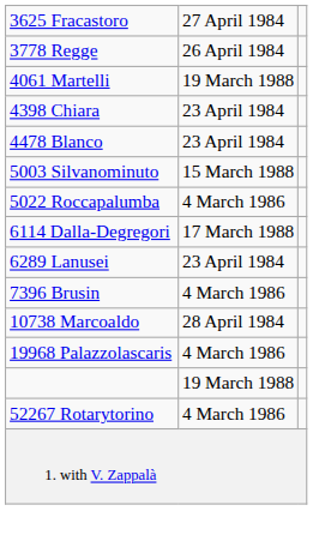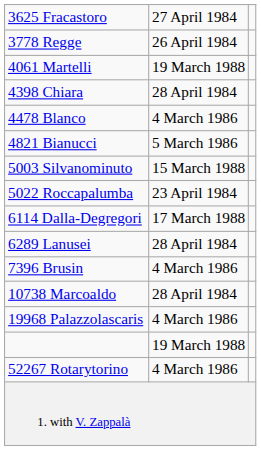 <table class="wikitable floatright" style="font-size: 0.9em;">
 <tr>
 <td><a href='#'>3625 Fracastoro</a></td>
 <td>27 April 1984</td>
 <td></td>
 </tr>
 <tr>
 <td><a href='#'>3778 Regge</a></td>
 <td>26 April 1984</td>
 <td></td>
 </tr>
 <tr>
 <td><a href='#'>4061 Martelli</a></td>
 <td>19 March 1988</td>
 <td></td>
 </tr>
 <tr>
 <td><a href='#'>4398 Chiara</a></td>
-<td>23 April 1984</td>
+<td>28 April 1984</td>
 <td></td>
 </tr>
 <tr>
 <td><a href='#'>4478 Blanco</a> </td>
-<td>23 April 1984</td>
+<td>4 March 1986</td>
+<td></td>
+</tr>
+<tr>
+<td><a href='#'>4821 Bianucci</a></td>
+<td>5 March 1986</td>
 <td></td>
 </tr>
 <tr>
 <td><a href='#'>5003 Silvanominuto</a></td>
 <td>15 March 1988</td>
 <td></td>
 </tr>
 <tr>
 <td><a href='#'>5022 Roccapalumba</a> </td>
-<td>4 March 1986</td>
+<td>23 April 1984</td>
 <td></td>
 </tr>
 <tr>
 <td><a href='#'>6114 Dalla-Degregori</a> </td>
 <td>17 March 1988</td>
 <td></td>
 </tr>
 <tr>
 <td><a href='#'>6289 Lanusei</a> </td>
-<td>23 April 1984</td>
+<td>28 April 1984</td>
 <td></td>
 </tr>
 <tr>
 <td><a href='#'>7396 Brusin</a></td>
 <td>4 March 1986</td>
 <td></td>
 </tr>
 <tr>
 <td><a href='#'>10738 Marcoaldo</a></td>
 <td>28 April 1984</td>
 <td></td>
 </tr>
 <tr>
 <td><a href='#'>19968 Palazzolascaris</a></td>
 <td>4 March 1986</td>
 <td></td>
 </tr>
 <tr>
 <td></td>
 <td>19 March 1988</td>
 <td></td>
 </tr>
 <tr>
 <td><a href='#'>52267 Rotarytorino</a></td>
 <td>4 March 1986</td>
 <td></td>
 </tr>
 <tr>
 <td colspan=3 style="font-size: smaller; background-color: #f2f2f2;"><br><ol><li> with <a href='#'>V. Zappalà</a></li></ol></td>
 </tr>
 </table>
